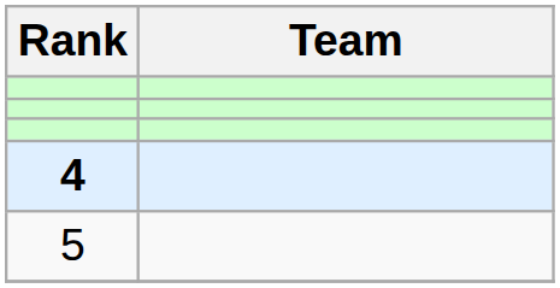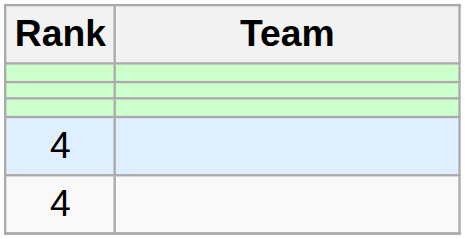 <table class="wikitable" style="text-align:center">
 <tr>
 <th width=40>Rank</th>
 <th width=140>Team</th>
 </tr>
 <tr bgcolor=#ccffcc>
 <td></td>
 <td style="text-align:left"></td>
 </tr>
 <tr bgcolor=#ccffcc>
 <td></td>
 <td style="text-align:left"></td>
 </tr>
 <tr bgcolor=#ccffcc>
 <td></td>
 <td style="text-align:left"></td>
 </tr>
 <tr bgcolor=#dfefff>
-<td><strong>4</strong></td>
+<td>4</td>
 <td style="text-align:left"></td>
 </tr>
 <tr>
-<td>5</td>
+<td>4</td>
 <td style="text-align:left"></td>
 </tr>
 <tr>
 </tr>
 </table>
